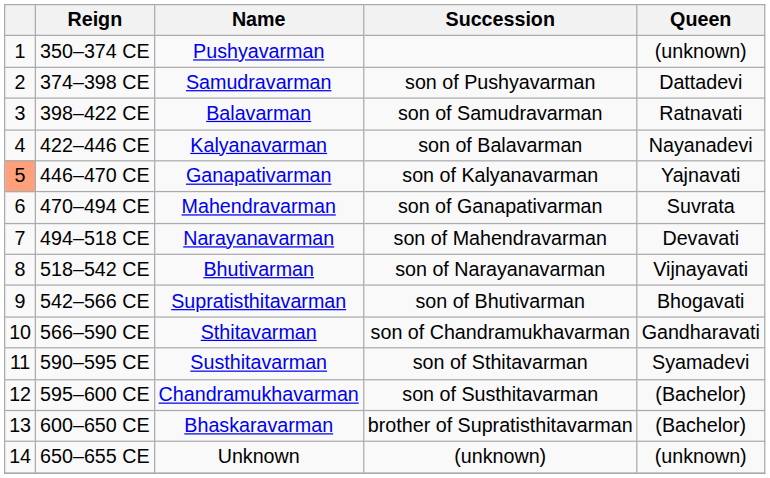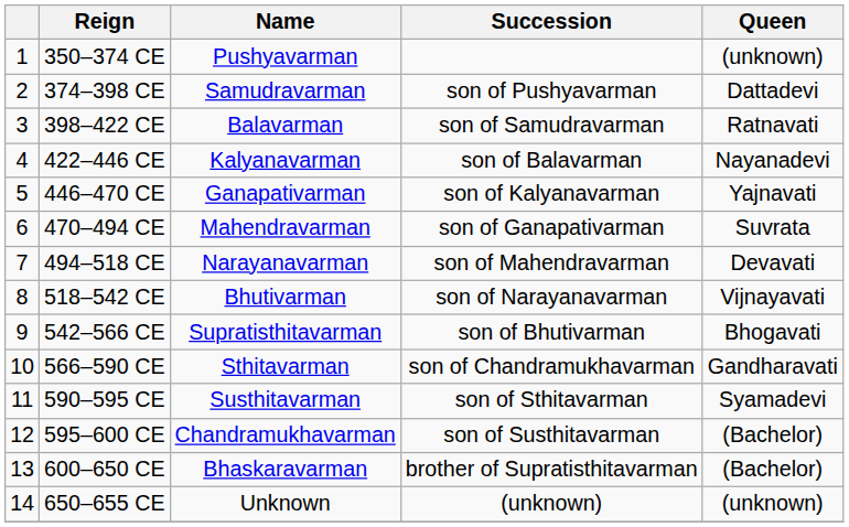 <table class="wikitable" style="text-align:center;" align="center">
 <tr>
 <th></th>
 <th>Reign</th>
 <th>Name</th>
 <th>Succession</th>
 <th>Queen</th>
 </tr>
 <tr>
 <td>1</td>
 <td>350–374 CE</td>
 <td><a href='#'>Pushyavarman</a></td>
 <td></td>
 <td>(unknown)</td>
 </tr>
 <tr>
 <td>2</td>
 <td>374–398 CE</td>
 <td><a href='#'>Samudravarman</a></td>
 <td>son of Pushyavarman</td>
 <td>Dattadevi</td>
 </tr>
 <tr>
 <td>3</td>
 <td>398–422 CE</td>
 <td><a href='#'>Balavarman</a></td>
 <td>son of Samudravarman</td>
 <td>Ratnavati</td>
 </tr>
 <tr>
 <td>4</td>
 <td>422–446 CE</td>
 <td><a href='#'>Kalyanavarman</a></td>
 <td>son of Balavarman</td>
 <td>Nayanadevi</td>
 </tr>
 <tr>
-<td style="background: lightsalmon;">5</td>
+<td>5</td>
 <td>446–470 CE</td>
 <td><a href='#'>Ganapativarman</a></td>
 <td>son of Kalyanavarman</td>
 <td>Yajnavati</td>
 </tr>
 <tr>
 <td>6</td>
 <td>470–494 CE</td>
 <td><a href='#'>Mahendravarman</a></td>
 <td>son of Ganapativarman</td>
 <td>Suvrata</td>
 </tr>
 <tr>
 <td>7</td>
 <td>494–518 CE</td>
 <td><a href='#'>Narayanavarman</a></td>
 <td>son of Mahendravarman</td>
 <td>Devavati</td>
 </tr>
 <tr>
 <td>8</td>
 <td>518–542 CE</td>
 <td><a href='#'>Bhutivarman</a></td>
 <td>son of Narayanavarman</td>
 <td>Vijnayavati</td>
 </tr>
 <tr>
 <td>9</td>
 <td>542–566 CE</td>
 <td><a href='#'>Supratisthitavarman</a></td>
 <td>son of Bhutivarman</td>
 <td>Bhogavati</td>
 </tr>
 <tr>
 <td>10</td>
 <td>566–590 CE</td>
 <td><a href='#'>Sthitavarman</a></td>
 <td>son of Chandramukhavarman</td>
 <td>Gandharavati</td>
 </tr>
 <tr>
 <td>11</td>
 <td>590–595 CE</td>
 <td><a href='#'>Susthitavarman</a></td>
 <td>son of Sthitavarman</td>
 <td>Syamadevi</td>
 </tr>
 <tr>
 <td>12</td>
 <td>595–600 CE</td>
 <td><a href='#'>Chandramukhavarman</a></td>
 <td>son of Susthitavarman</td>
 <td>(Bachelor)</td>
 </tr>
 <tr>
 <td>13</td>
 <td>600–650 CE</td>
 <td><a href='#'>Bhaskaravarman</a></td>
 <td>brother of Supratisthitavarman</td>
 <td>(Bachelor)</td>
 </tr>
 <tr>
 <td>14</td>
 <td>650–655 CE</td>
 <td>Unknown</td>
 <td>(unknown)</td>
 <td>(unknown)</td>
 </tr>
 <tr>
 </tr>
 </table>
